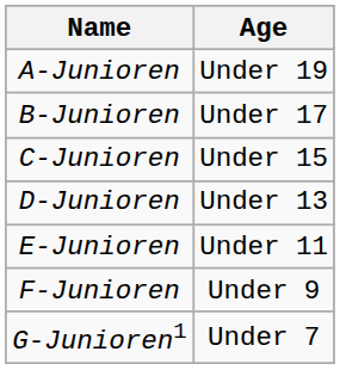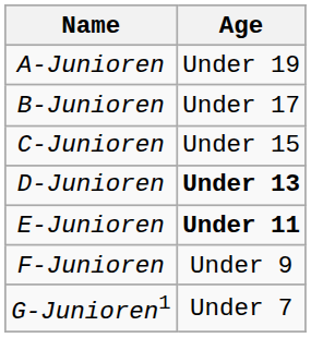 <table class="wikitable">
 <tr>
 <th>Name</th>
 <th>Age</th>
 </tr>
 <tr align="center">
 <td><em>A-Junioren</em></td>
 <td>Under 19</td>
 </tr>
 <tr align="center">
 <td><em>B-Junioren</em></td>
 <td>Under 17</td>
 </tr>
 <tr align="center">
 <td><em>C-Junioren</em></td>
 <td>Under 15</td>
 </tr>
 <tr align="center">
 <td><em>D-Junioren</em></td>
-<td>Under 13</td>
+<td><strong>Under 13</strong></td>
 </tr>
 <tr align="center">
 <td><em>E-Junioren</em></td>
-<td>Under 11</td>
+<td><strong>Under 11</strong></td>
 </tr>
 <tr align="center">
 <td><em>F-Junioren</em></td>
 <td>Under 9</td>
 </tr>
 <tr align="center">
 <td><em>G-Junioren</em><sup>1</sup></td>
 <td>Under 7</td>
 </tr>
 </table>
